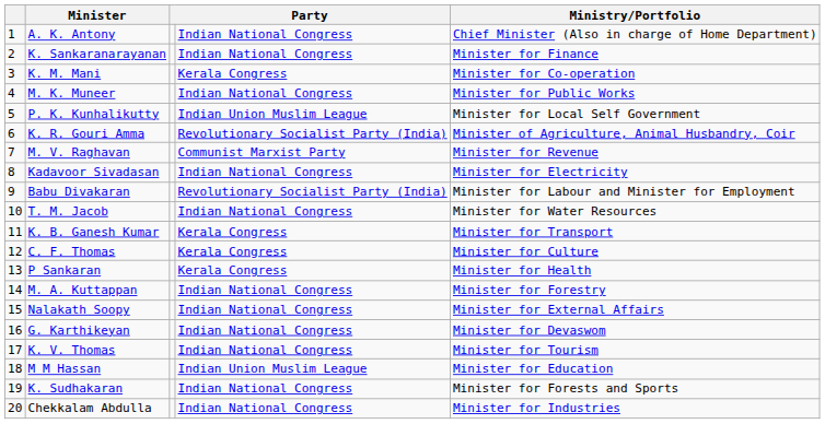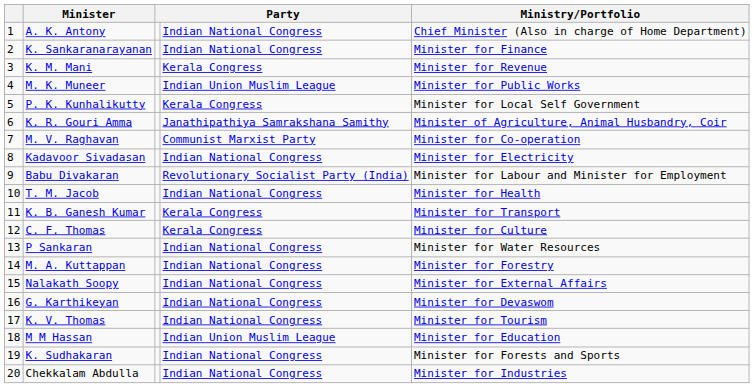 <table class="wikitable">
 <tr>
 <th></th>
 <th>Minister</th>
 <th colspan="2">Party</th>
 <th>Ministry/Portfolio</th>
 </tr>
 <tr>
 <td>1</td>
 <td><a href='#'>A. K. Antony</a></td>
 <td style="background-color: "></td>
 <td><a href='#'>Indian National Congress</a></td>
 <td><a href='#'>Chief Minister</a> (Also in charge of Home Department)</td>
 </tr>
 <tr>
 <td>2</td>
 <td><a href='#'>K. Sankaranarayanan</a></td>
 <td style="background-color: "></td>
 <td><a href='#'>Indian National Congress</a></td>
 <td><a href='#'>Minister for Finance</a></td>
 </tr>
 <tr>
 <td>3</td>
 <td><a href='#'>K. M. Mani</a></td>
 <td style="background-color: "></td>
 <td><a href='#'>Kerala Congress</a></td>
-<td><a href='#'>Minister for Co-operation</a></td>
+<td><a href='#'>Minister for Revenue</a></td>
 </tr>
 <tr>
 <td>4</td>
 <td><a href='#'>M. K. Muneer</a></td>
 <td style="background-color: "></td>
-<td><a href='#'>Indian National Congress</a></td>
+<td><a href='#'>Indian Union Muslim League</a></td>
 <td><a href='#'>Minister for Public Works</a></td>
 </tr>
 <tr>
 <td>5</td>
 <td><a href='#'>P. K. Kunhalikutty</a></td>
 <td style="background-color: "></td>
-<td><a href='#'>Indian Union Muslim League</a></td>
+<td><a href='#'>Kerala Congress</a></td>
 <td>Minister for Local Self Government</td>
 </tr>
 <tr>
 <td>6</td>
 <td><a href='#'>K. R. Gouri Amma</a></td>
 <td></td>
-<td><a href='#'>Revolutionary Socialist Party (India)</a></td>
+<td><a href='#'>Janathipathiya Samrakshana Samithy</a></td>
 <td><a href='#'>Minister of Agriculture, Animal Husbandry, Coir</a></td>
 </tr>
 <tr>
 <td>7</td>
 <td><a href='#'>M. V. Raghavan</a></td>
 <td></td>
 <td><a href='#'>Communist Marxist Party</a></td>
-<td><a href='#'>Minister for Revenue</a></td>
+<td><a href='#'>Minister for Co-operation</a></td>
 </tr>
 <tr>
 <td>8</td>
 <td><a href='#'>Kadavoor Sivadasan</a></td>
 <td style="background-color: "></td>
 <td><a href='#'>Indian National Congress</a></td>
 <td><a href='#'>Minister for Electricity</a></td>
 </tr>
 <tr>
 <td>9</td>
 <td><a href='#'>Babu Divakaran</a></td>
 <td></td>
 <td><a href='#'>Revolutionary Socialist Party (India)</a></td>
 <td>Minister for Labour and Minister for Employment</td>
 </tr>
 <tr>
 <td>10</td>
 <td><a href='#'>T. M. Jacob</a></td>
 <td style="background-color: "></td>
 <td><a href='#'>Indian National Congress</a></td>
-<td>Minister for Water Resources</td>
+<td><a href='#'>Minister for Health</a></td>
 </tr>
 <tr>
 <td>11</td>
 <td><a href='#'>K. B. Ganesh Kumar</a></td>
 <td style="background-color: "></td>
 <td><a href='#'>Kerala Congress</a></td>
 <td><a href='#'>Minister for Transport</a></td>
 </tr>
 <tr>
 <td>12</td>
 <td><a href='#'>C. F. Thomas</a></td>
 <td style="background-color: "></td>
 <td><a href='#'>Kerala Congress</a></td>
 <td><a href='#'>Minister for Culture</a></td>
 </tr>
 <tr>
 <td>13</td>
 <td><a href='#'>P Sankaran</a></td>
 <td style="background-color: "></td>
-<td><a href='#'>Kerala Congress</a></td>
-<td><a href='#'>Minister for Health</a></td>
+<td><a href='#'>Indian National Congress</a></td>
+<td>Minister for Water Resources</td>
 </tr>
 <tr>
 <td>14</td>
 <td><a href='#'>M. A. Kuttappan</a></td>
 <td style="background-color: "></td>
 <td><a href='#'>Indian National Congress</a></td>
 <td><a href='#'>Minister for Forestry</a></td>
 </tr>
 <tr>
 <td>15</td>
 <td><a href='#'>Nalakath Soopy</a></td>
 <td style="background-color: "></td>
 <td><a href='#'>Indian National Congress</a></td>
 <td><a href='#'>Minister for External Affairs</a></td>
 </tr>
 <tr>
 <td>16</td>
 <td><a href='#'>G. Karthikeyan</a></td>
 <td style="background-color: "></td>
 <td><a href='#'>Indian National Congress</a></td>
 <td><a href='#'>Minister for Devaswom</a></td>
 </tr>
 <tr>
 <td>17</td>
 <td><a href='#'>K. V. Thomas</a></td>
 <td style="background-color: "></td>
 <td><a href='#'>Indian National Congress</a></td>
 <td><a href='#'>Minister for Tourism</a></td>
 </tr>
 <tr>
 <td>18</td>
 <td><a href='#'>M M Hassan</a></td>
 <td style="background-color: "></td>
 <td><a href='#'>Indian Union Muslim League</a></td>
 <td><a href='#'>Minister for Education</a></td>
 </tr>
 <tr>
 <td>19</td>
 <td><a href='#'>K. Sudhakaran</a></td>
 <td style="background-color: "></td>
 <td><a href='#'>Indian National Congress</a></td>
 <td>Minister for Forests and Sports</td>
 </tr>
 <tr>
 <td>20</td>
 <td>Chekkalam Abdulla</td>
 <td style="background-color: "></td>
 <td><a href='#'>Indian National Congress</a></td>
 <td><a href='#'>Minister for Industries</a></td>
 </tr>
 </table>
